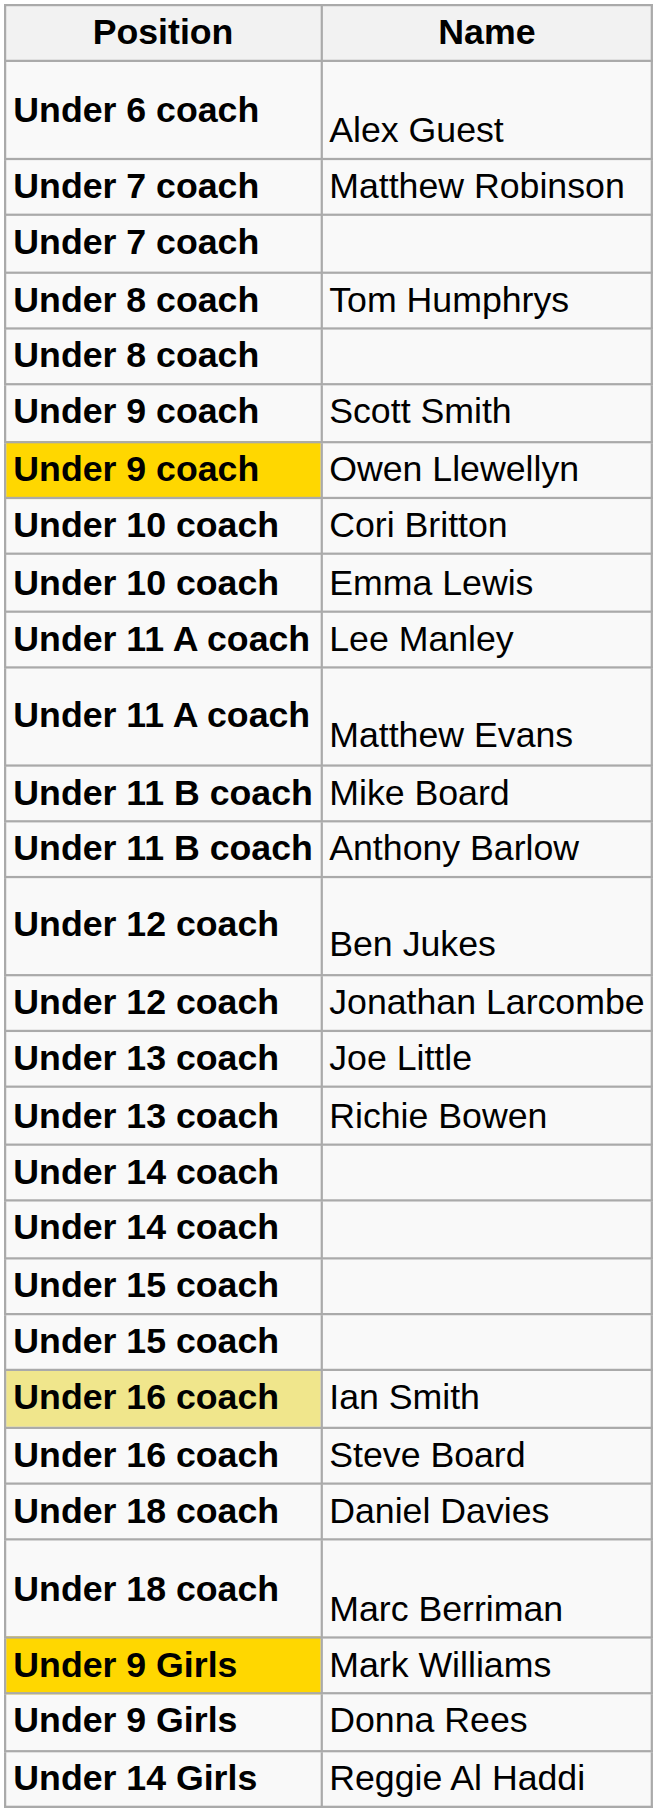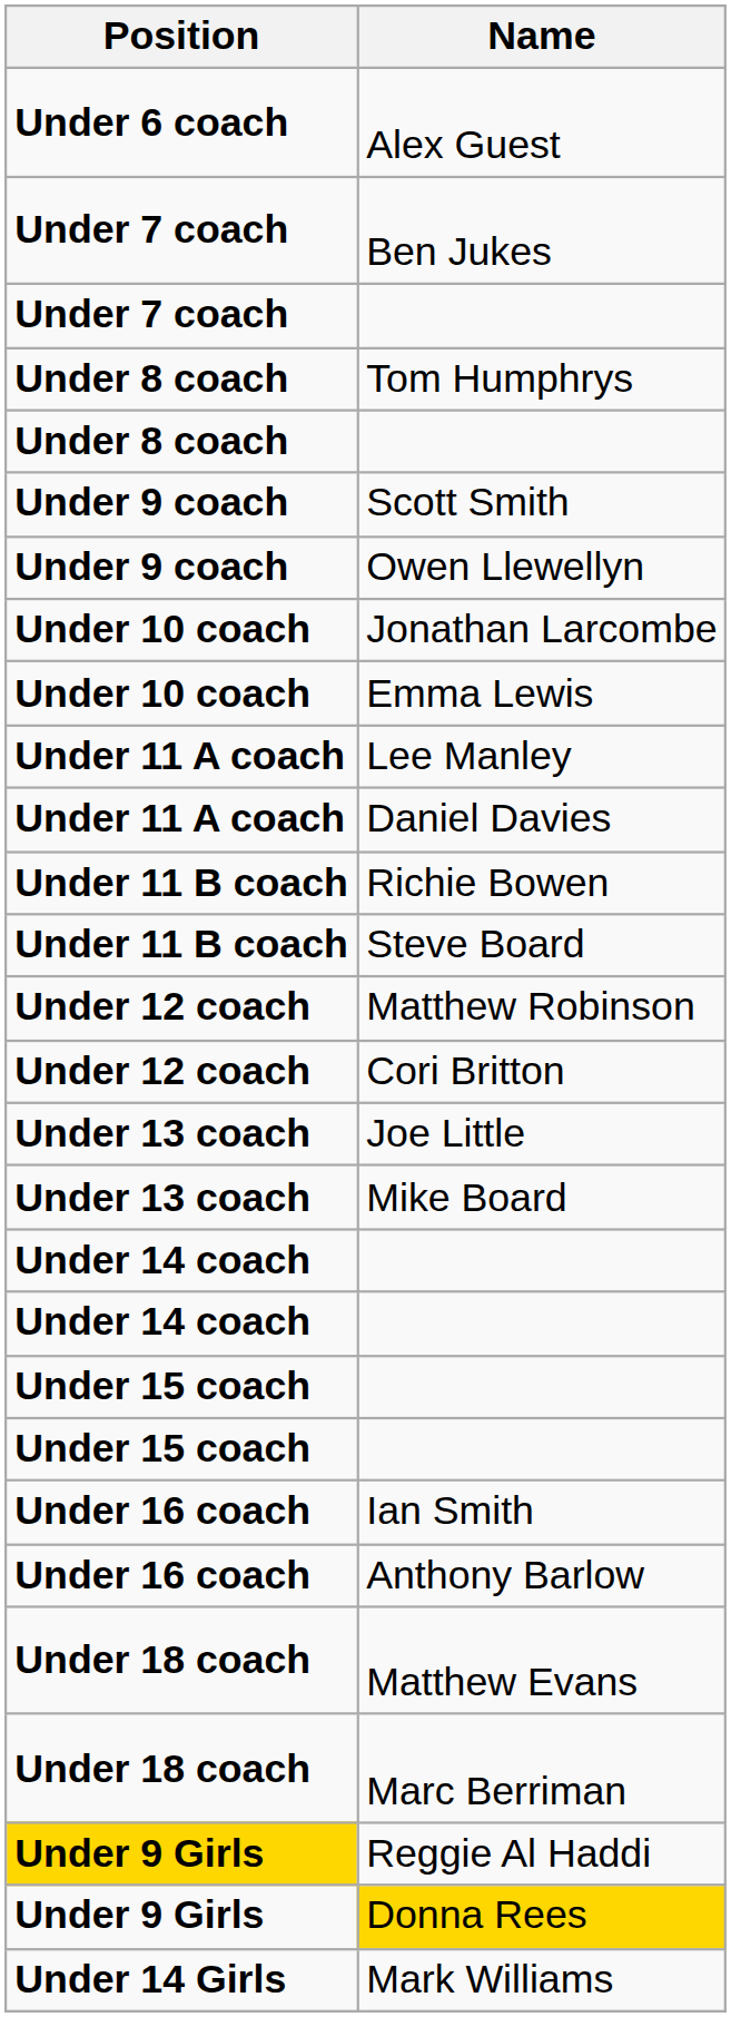 <table class=wikitable>
 <tr>
 <th>Position</th>
 <th>Name</th>
 </tr>
 <tr>
 <td><strong>Under 6 coach</strong></td>
 <td><br> Alex Guest</td>
 </tr>
 <tr>
 <td><strong>Under 7 coach</strong></td>
-<td> Matthew Robinson</td>
+<td><br> Ben Jukes</td>
 </tr>
 <tr>
 <td><strong>Under 7 coach</strong></td>
 <td><br></td>
 </tr>
 <tr>
 <td><strong>Under 8 coach</strong></td>
 <td> Tom Humphrys</td>
 </tr>
 <tr>
 <td><strong>Under 8 coach</strong></td>
 <td></td>
 </tr>
 <tr>
 <td><strong>Under 9 coach</strong></td>
 <td> Scott Smith</td>
 </tr>
 <tr>
-<td style="background: gold;"><strong>Under 9 coach</strong></td>
+<td><strong>Under 9 coach</strong></td>
 <td> Owen Llewellyn</td>
 </tr>
 <tr>
 <td><strong>Under 10 coach</strong></td>
-<td> Cori Britton</td>
+<td> Jonathan Larcombe</td>
 </tr>
 <tr>
 <td><strong>Under 10 coach</strong></td>
 <td> Emma Lewis</td>
 </tr>
 <tr>
 <td><strong>Under 11 A coach</strong></td>
 <td> Lee Manley</td>
 </tr>
 <tr>
 <td><strong>Under 11 A coach</strong></td>
-<td><br> Matthew Evans</td>
+<td> Daniel Davies</td>
 </tr>
 <tr>
 <td><strong>Under 11 B coach</strong></td>
-<td> Mike Board</td>
+<td> Richie Bowen</td>
 </tr>
 <tr>
 <td><strong>Under 11 B coach</strong></td>
-<td> Anthony Barlow</td>
+<td> Steve Board</td>
 </tr>
 <tr>
 <td><strong>Under 12 coach</strong></td>
-<td><br> Ben Jukes</td>
+<td> Matthew Robinson</td>
 </tr>
 <tr>
 <td><strong>Under 12 coach</strong></td>
-<td> Jonathan Larcombe</td>
+<td> Cori Britton</td>
 </tr>
 <tr>
 <td><strong>Under 13 coach</strong></td>
 <td> Joe Little</td>
 </tr>
 <tr>
 <td><strong>Under 13 coach</strong></td>
-<td> Richie Bowen</td>
+<td> Mike Board</td>
 </tr>
 <tr>
 <td><strong>Under 14 coach</strong></td>
 <td></td>
 </tr>
 <tr>
 <td><strong>Under 14 coach</strong></td>
 <td></td>
 </tr>
 <tr>
 <td><strong>Under 15 coach</strong></td>
 <td></td>
 </tr>
 <tr>
 <td><strong>Under 15 coach</strong></td>
 <td></td>
 </tr>
 <tr>
-<td style="background: khaki;"><strong>Under 16 coach</strong></td>
+<td><strong>Under 16 coach</strong></td>
 <td> Ian Smith</td>
 </tr>
 <tr>
 <td><strong>Under 16 coach</strong></td>
-<td> Steve Board</td>
+<td> Anthony Barlow</td>
 </tr>
 <tr>
 <td><strong>Under 18 coach</strong></td>
-<td> Daniel Davies</td>
+<td><br> Matthew Evans</td>
 </tr>
 <tr>
 <td><strong>Under 18 coach</strong></td>
 <td><br> Marc Berriman</td>
 </tr>
 <tr>
 <td style="background: gold;"><strong>Under 9 Girls</strong></td>
-<td> Mark Williams</td>
+<td> Reggie Al Haddi</td>
 </tr>
 <tr>
 <td><strong>Under 9 Girls</strong></td>
-<td> Donna Rees</td>
+<td style="background: gold;"> Donna Rees</td>
 </tr>
 <tr>
 <td><strong>Under 14 Girls</strong></td>
-<td> Reggie Al Haddi</td>
+<td> Mark Williams</td>
 </tr>
 <tr>
 </tr>
 </table>
